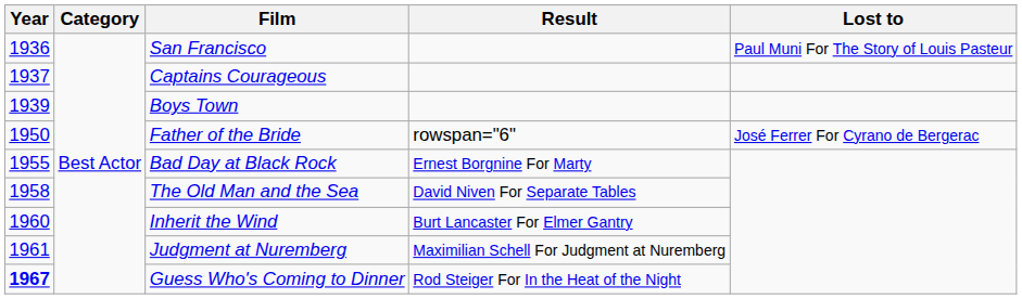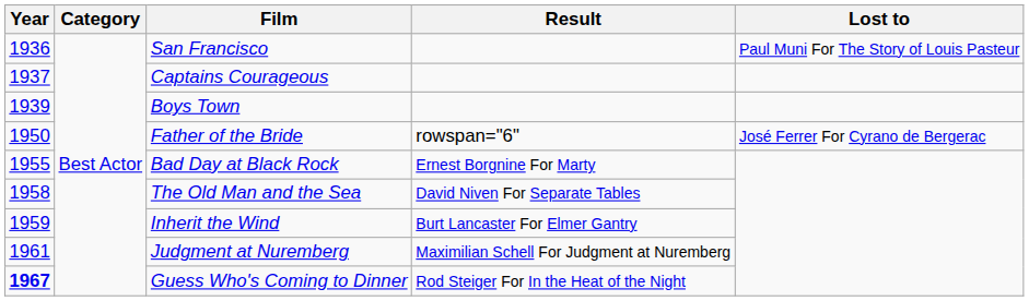 <table class="wikitable plainrowheaders sortable">
 <tr>
 <th>Year</th>
 <th>Category</th>
 <th>Film</th>
 <th>Result</th>
 <th>Lost to</th>
 </tr>
 <tr>
 <td><a href='#'>1936</a></td>
 <td rowspan="9"><a href='#'>Best Actor</a></td>
 <td><em><a href='#'>San Francisco</a></em></td>
 <td></td>
 <td><small><a href='#'>Paul Muni</a> For <a href='#'>The Story of Louis Pasteur</a> </small></td>
 </tr>
 <tr>
 <td><a href='#'>1937</a></td>
 <td><em><a href='#'>Captains Courageous</a></em></td>
 <td></td>
 <td><small></small></td>
 </tr>
 <tr>
 <td><a href='#'>1939</a></td>
 <td><em><a href='#'>Boys Town</a></em></td>
 <td></td>
 <td><small></small></td>
 </tr>
 <tr>
 <td><a href='#'>1950</a></td>
 <td><em><a href='#'>Father of the Bride</a></em></td>
 <td>rowspan="6"</td>
 <td><small><a href='#'>José Ferrer</a> For <a href='#'>Cyrano de Bergerac</a></small></td>
 </tr>
 <tr>
 <td><a href='#'>1955</a></td>
 <td><em><a href='#'>Bad Day at Black Rock</a></em></td>
 <td><small><a href='#'>Ernest Borgnine</a> For <a href='#'>Marty</a></small></td>
 </tr>
 <tr>
 <td><a href='#'>1958</a></td>
 <td><em><a href='#'>The Old Man and the Sea</a></em></td>
 <td><small><a href='#'>David Niven</a> For <a href='#'>Separate Tables</a></small></td>
 </tr>
 <tr>
-<td><a href='#'>1960</a></td>
+<td><a href='#'>1959</a></td>
 <td><em><a href='#'>Inherit the Wind</a></em></td>
 <td><small><a href='#'>Burt Lancaster</a> For <a href='#'>Elmer Gantry</a></small></td>
 </tr>
 <tr>
 <td><a href='#'>1961</a></td>
 <td><em><a href='#'>Judgment at Nuremberg</a></em></td>
 <td><small><a href='#'>Maximilian Schell</a> For Judgment at Nuremberg</small></td>
 </tr>
 <tr>
 <td><strong><a href='#'>1967</a></strong></td>
 <td><em><a href='#'>Guess Who's Coming to Dinner</a></em></td>
 <td><small><a href='#'>Rod Steiger</a> For <a href='#'>In the Heat of the Night</a></small></td>
 </tr>
 </table>
